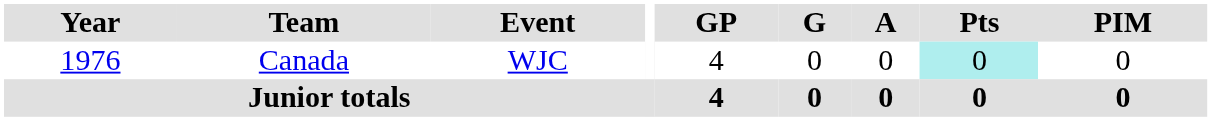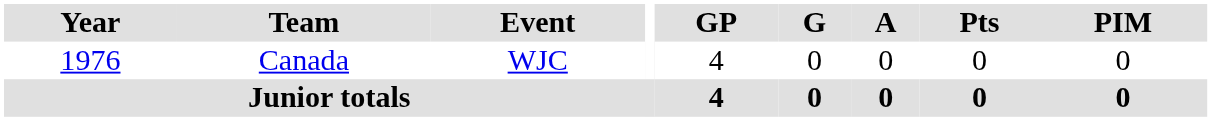 <table border="0" cellpadding="1" cellspacing="0" ID="Table3" style="text-align:center; width:40em">
 <tr bgcolor="#e0e0e0">
 <th>Year</th>
 <th>Team</th>
 <th>Event</th>
 <th rowspan="102" bgcolor="#ffffff"></th>
 <th>GP</th>
 <th>G</th>
 <th>A</th>
 <th>Pts</th>
 <th>PIM</th>
 </tr>
 <tr>
 <td><a href='#'>1976</a></td>
 <td><a href='#'>Canada</a></td>
 <td><a href='#'>WJC</a></td>
 <td>4</td>
 <td>0</td>
 <td>0</td>
-<td style="background: paleturquoise;">0</td>
+<td>0</td>
 <td>0</td>
 </tr>
 <tr bgcolor="#e0e0e0">
 <th colspan="4">Junior totals</th>
 <th>4</th>
 <th>0</th>
 <th>0</th>
 <th>0</th>
 <th>0</th>
 </tr>
 </table>
